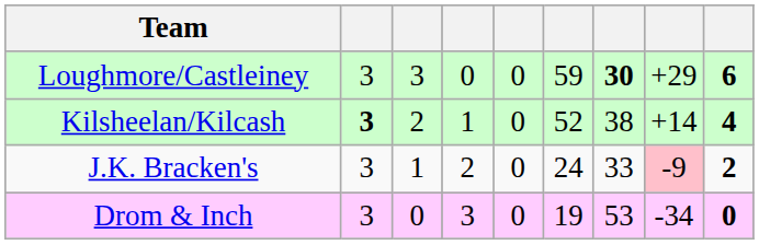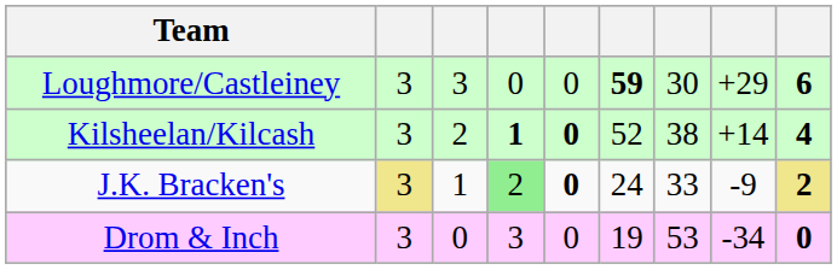 <table class="wikitable" style="text-align:center">
 <tr>
 <th style="width:175px;">Team</th>
 <th width="20"></th>
 <th width="20"></th>
 <th width="20"></th>
 <th width="20"></th>
 <th width="20"></th>
 <th width="20"></th>
 <th width="20"></th>
 <th width="20"></th>
 </tr>
 <tr style="background:#cfc;">
 <td><a href='#'>Loughmore/Castleiney</a></td>
 <td>3</td>
 <td>3</td>
 <td>0</td>
 <td>0</td>
-<td>59</td>
-<td><strong>30</strong></td>
+<td><strong>59</strong></td>
+<td>30</td>
 <td>+29</td>
 <td><strong>6</strong></td>
 </tr>
 <tr style="background:#cfc;">
 <td><a href='#'>Kilsheelan/Kilcash</a></td>
-<td><strong>3</strong></td>
+<td>3</td>
 <td>2</td>
-<td>1</td>
-<td>0</td>
+<td><strong>1</strong></td>
+<td><strong>0</strong></td>
 <td>52</td>
 <td>38</td>
 <td>+14</td>
 <td><strong>4</strong></td>
 </tr>
 <tr>
 <td><a href='#'>J.K. Bracken's</a></td>
-<td>3</td>
+<td style="background: khaki;">3</td>
 <td>1</td>
-<td>2</td>
-<td>0</td>
+<td style="background: lightgreen;">2</td>
+<td><strong>0</strong></td>
 <td>24</td>
 <td>33</td>
-<td style="background: pink;">-9</td>
-<td><strong>2</strong></td>
+<td>-9</td>
+<td style="background: khaki;"><strong>2</strong></td>
 </tr>
 <tr style="background:#fcf;">
 <td><a href='#'>Drom & Inch</a></td>
 <td>3</td>
 <td>0</td>
 <td>3</td>
 <td>0</td>
 <td>19</td>
 <td>53</td>
 <td>-34</td>
 <td><strong>0</strong></td>
 </tr>
 </table>
